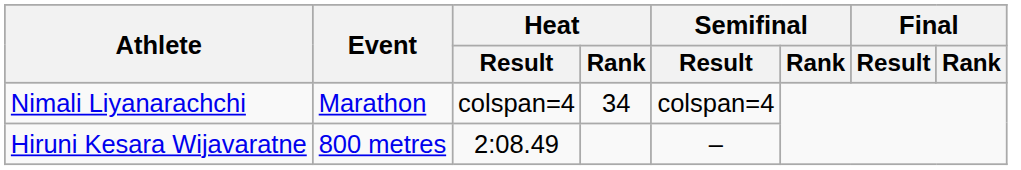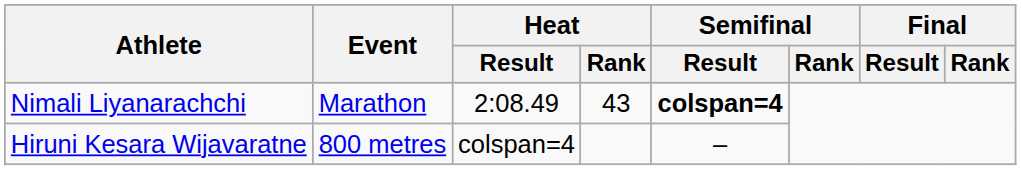 <table class="wikitable" style="font-size:90%">
 <tr>
 <th rowspan="2">Athlete</th>
 <th rowspan="2">Event</th>
 <th colspan="2">Heat</th>
 <th colspan="2">Semifinal</th>
 <th colspan="2">Final</th>
 </tr>
 <tr style="font-size:95%">
 <th>Result</th>
 <th>Rank</th>
 <th>Result</th>
 <th>Rank</th>
 <th>Result</th>
 <th>Rank</th>
 </tr>
 <tr style=text-align:center>
 <td style=text-align:left><a href='#'>Nimali Liyanarachchi</a></td>
 <td style=text-align:left><a href='#'>Marathon</a></td>
-<td>colspan=4 </td>
-<td>34</td>
-<td>colspan=4 </td>
+<td>2:08.49</td>
+<td>43</td>
+<td><strong>colspan=4 </strong></td>
 </tr>
 <tr style=text-align:center>
 <td style=text-align:left><a href='#'>Hiruni Kesara Wijavaratne</a></td>
 <td style=text-align:left><a href='#'>800 metres</a></td>
-<td>2:08.49</td>
+<td>colspan=4 </td>
 <td></td>
 <td>–</td>
 </tr>
 </table>
